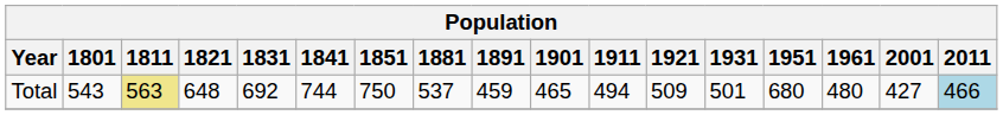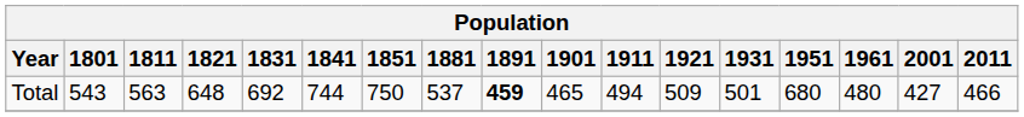 <table class="wikitable" style="margin: 1em auto 1em auto;">
 <tr>
 <th colspan="17">Population</th>
 </tr>
 <tr>
 <th>Year</th>
 <th>1801</th>
 <th>1811</th>
 <th>1821</th>
 <th>1831</th>
 <th>1841</th>
 <th>1851</th>
 <th>1881</th>
 <th>1891</th>
 <th>1901</th>
 <th>1911</th>
 <th>1921</th>
 <th>1931</th>
 <th>1951</th>
 <th>1961</th>
 <th>2001</th>
 <th>2011</th>
 </tr>
 <tr>
 <td>Total</td>
 <td>543</td>
-<td style="background: khaki;">563</td>
+<td>563</td>
 <td>648</td>
 <td>692</td>
 <td>744</td>
 <td>750</td>
 <td>537</td>
-<td>459</td>
+<td><strong>459</strong></td>
 <td>465</td>
 <td>494</td>
 <td>509</td>
 <td>501</td>
 <td>680</td>
 <td>480</td>
 <td>427</td>
-<td style="background: lightblue;">466</td>
+<td>466</td>
 </tr>
 <tr>
 </tr>
 </table>
